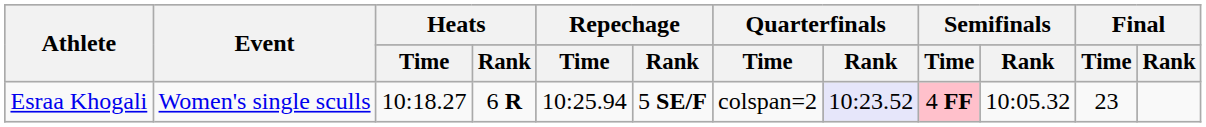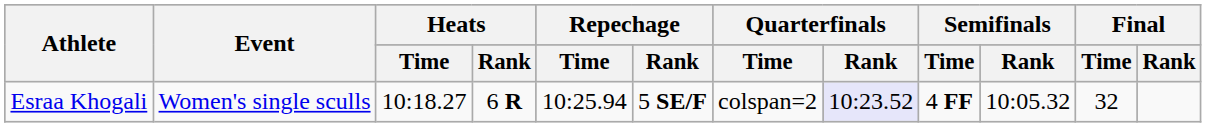 <table class="wikitable" style="font-size:90%">
 <tr>
 <th rowspan="2">Athlete</th>
 <th rowspan="2">Event</th>
 <th colspan="2">Heats</th>
 <th colspan="2">Repechage</th>
 <th colspan="2">Quarterfinals</th>
 <th colspan="2">Semifinals</th>
 <th colspan="2">Final</th>
 </tr>
 <tr style="font-size:95%">
 <th>Time</th>
 <th>Rank</th>
 <th>Time</th>
 <th>Rank</th>
 <th>Time</th>
 <th>Rank</th>
 <th>Time</th>
 <th>Rank</th>
 <th>Time</th>
 <th>Rank</th>
 </tr>
 <tr align=center>
 <td align=left><a href='#'>Esraa Khogali</a></td>
 <td align=left><a href='#'>Women's single sculls</a></td>
 <td>10:18.27</td>
 <td>6 <strong>R</strong></td>
 <td>10:25.94</td>
 <td>5 <strong>SE/F</strong></td>
 <td>colspan=2 </td>
 <td style="background: lavender;">10:23.52</td>
-<td style="background: pink;">4 <strong>FF</strong></td>
+<td>4 <strong>FF</strong></td>
 <td>10:05.32</td>
-<td>23</td>
+<td>32</td>
 </tr>
 </table>
